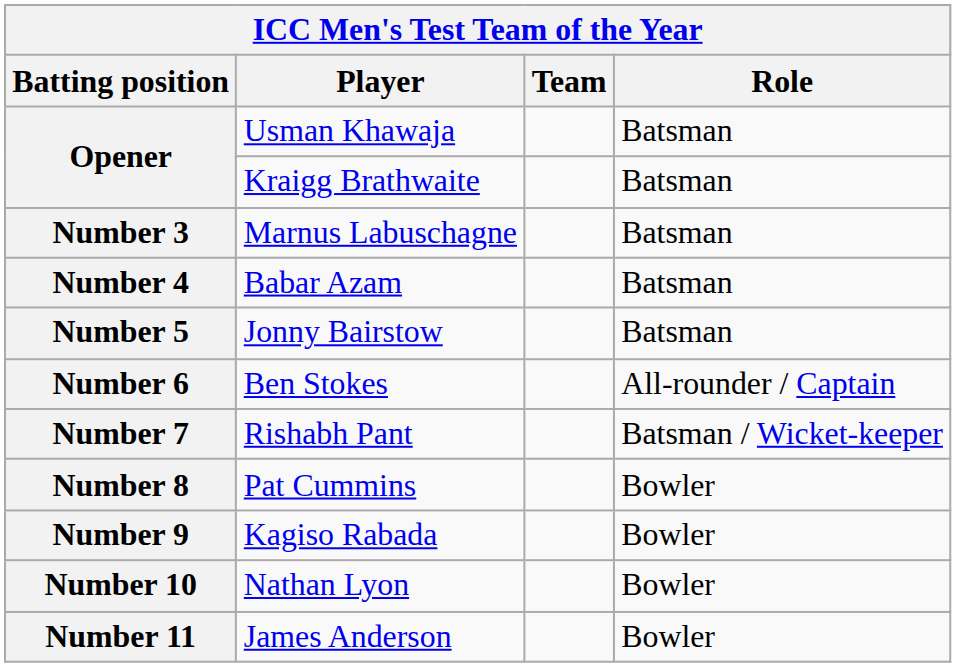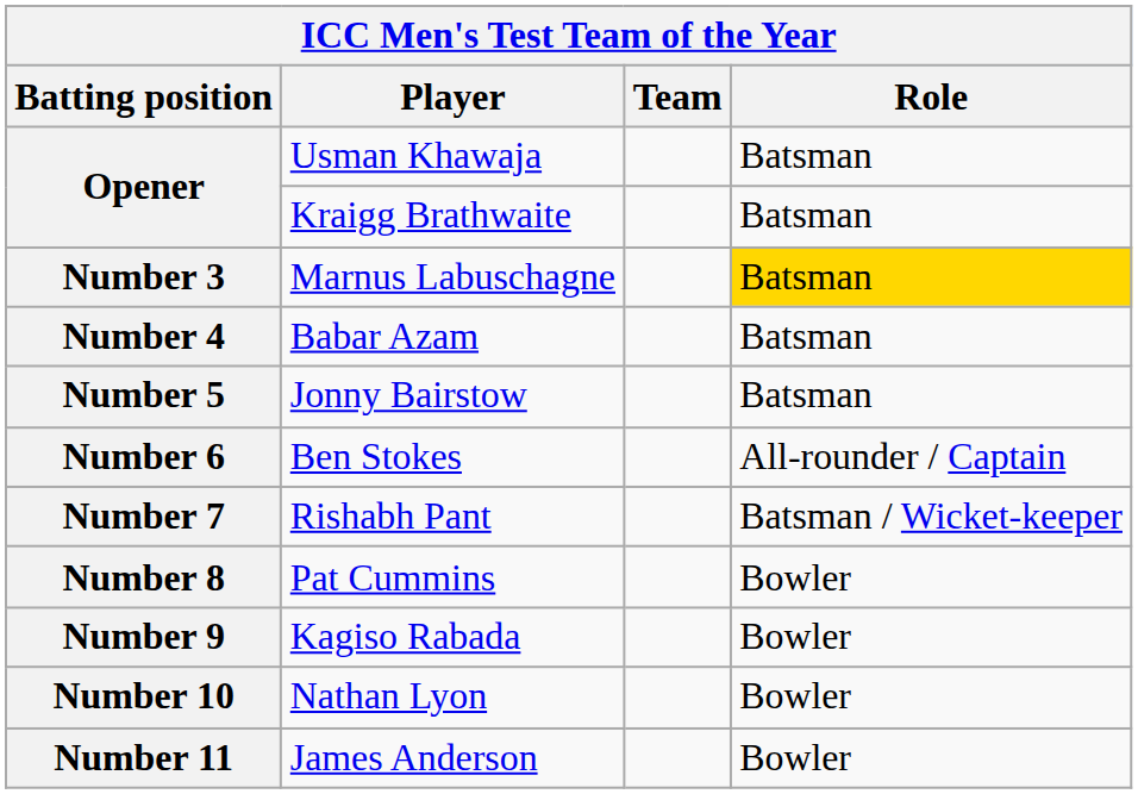 <table class="wikitable plainrowheaders">
 <tr style="background:#9cf;">
 <th colspan="5"><a href='#'>ICC Men's Test Team of the Year</a></th>
 </tr>
 <tr>
 <th>Batting position</th>
 <th>Player</th>
 <th>Team</th>
 <th>Role</th>
 </tr>
 <tr>
 <th scope=row style=text-align:center; rowspan=2>Opener</th>
 <td><a href='#'>Usman Khawaja</a></td>
 <td></td>
 <td>Batsman</td>
 </tr>
 <tr>
 <td><a href='#'>Kraigg Brathwaite</a></td>
 <td></td>
 <td>Batsman</td>
 </tr>
 <tr>
 <th scope=row style=text-align:center;>Number 3</th>
 <td><a href='#'>Marnus Labuschagne</a></td>
 <td></td>
-<td>Batsman</td>
+<td style="background: gold;">Batsman</td>
 </tr>
 <tr>
 <th scope=row style=text-align:center;>Number 4</th>
 <td><a href='#'>Babar Azam</a></td>
 <td></td>
 <td>Batsman</td>
 </tr>
 <tr>
 <th scope=row style=text-align:center;>Number 5</th>
 <td><a href='#'>Jonny Bairstow</a></td>
 <td></td>
 <td>Batsman</td>
 </tr>
 <tr>
 <th scope=row style=text-align:center;>Number 6</th>
 <td><a href='#'>Ben Stokes</a></td>
 <td></td>
 <td>All-rounder / <a href='#'>Captain</a></td>
 </tr>
 <tr>
 <th scope=row style=text-align:center;>Number 7</th>
 <td><a href='#'>Rishabh Pant</a></td>
 <td></td>
 <td>Batsman / <a href='#'>Wicket-keeper</a></td>
 </tr>
 <tr>
 <th scope=row style=text-align:center;>Number 8</th>
 <td><a href='#'>Pat Cummins</a></td>
 <td></td>
 <td>Bowler</td>
 </tr>
 <tr>
 <th scope=row style=text-align:center;>Number 9</th>
 <td><a href='#'>Kagiso Rabada</a></td>
 <td></td>
 <td>Bowler</td>
 </tr>
 <tr>
 <th scope=row style=text-align:center;>Number 10</th>
 <td><a href='#'>Nathan Lyon</a></td>
 <td></td>
 <td>Bowler</td>
 </tr>
 <tr>
 <th scope=row style=text-align:center;>Number 11</th>
 <td><a href='#'>James Anderson</a></td>
 <td></td>
 <td>Bowler</td>
 </tr>
 </table>
